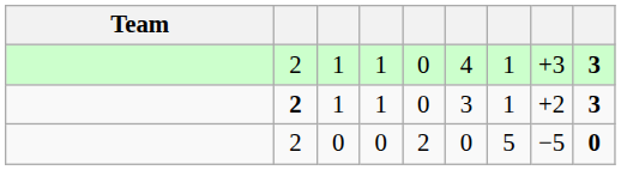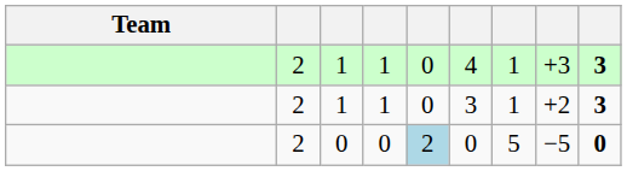 <table class="wikitable" style="text-align:center;">
 <tr>
 <th width="165">Team</th>
 <th width="20"></th>
 <th width="20"></th>
 <th width="20"></th>
 <th width="20"></th>
 <th width="20"></th>
 <th width="20"></th>
 <th width="20"></th>
 <th width="20"></th>
 </tr>
 <tr bgcolor="#ccffcc">
 <td align="left"></td>
 <td>2</td>
 <td>1</td>
 <td>1</td>
 <td>0</td>
 <td>4</td>
 <td>1</td>
 <td>+3</td>
 <td><strong>3</strong></td>
 </tr>
 <tr>
 <td align="left"></td>
-<td><strong>2</strong></td>
+<td>2</td>
 <td>1</td>
 <td>1</td>
 <td>0</td>
 <td>3</td>
 <td>1</td>
 <td>+2</td>
 <td><strong>3</strong></td>
 </tr>
 <tr>
 <td align="left"></td>
 <td>2</td>
 <td>0</td>
 <td>0</td>
-<td>2</td>
+<td style="background: lightblue;">2</td>
 <td>0</td>
 <td>5</td>
 <td>−5</td>
 <td><strong>0</strong></td>
 </tr>
 </table>
